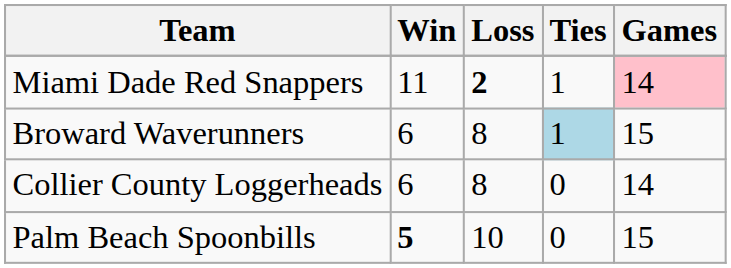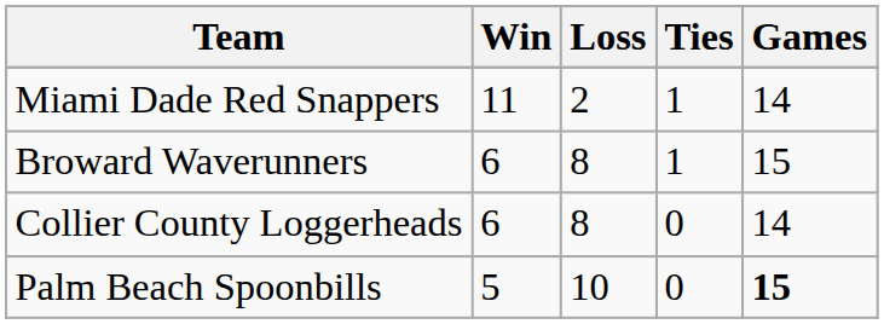 <table class="wikitable">
 <tr>
 <th>Team</th>
 <th>Win</th>
 <th>Loss</th>
 <th>Ties</th>
 <th>Games</th>
 </tr>
 <tr>
 </tr>
 <tr>
 <td>Miami Dade Red Snappers</td>
 <td>11</td>
-<td><strong>2</strong></td>
+<td>2</td>
 <td>1</td>
-<td style="background: pink;">14</td>
+<td>14</td>
 </tr>
 <tr>
 <td>Broward Waverunners</td>
 <td>6</td>
 <td>8</td>
-<td style="background: lightblue;">1</td>
+<td>1</td>
 <td>15</td>
 </tr>
 <tr>
 <td>Collier County Loggerheads</td>
 <td>6</td>
 <td>8</td>
 <td>0</td>
 <td>14</td>
 </tr>
 <tr>
 <td>Palm Beach Spoonbills</td>
-<td><strong>5</strong></td>
+<td>5</td>
 <td>10</td>
 <td>0</td>
-<td>15</td>
+<td><strong>15</strong></td>
 </tr>
 </table>
